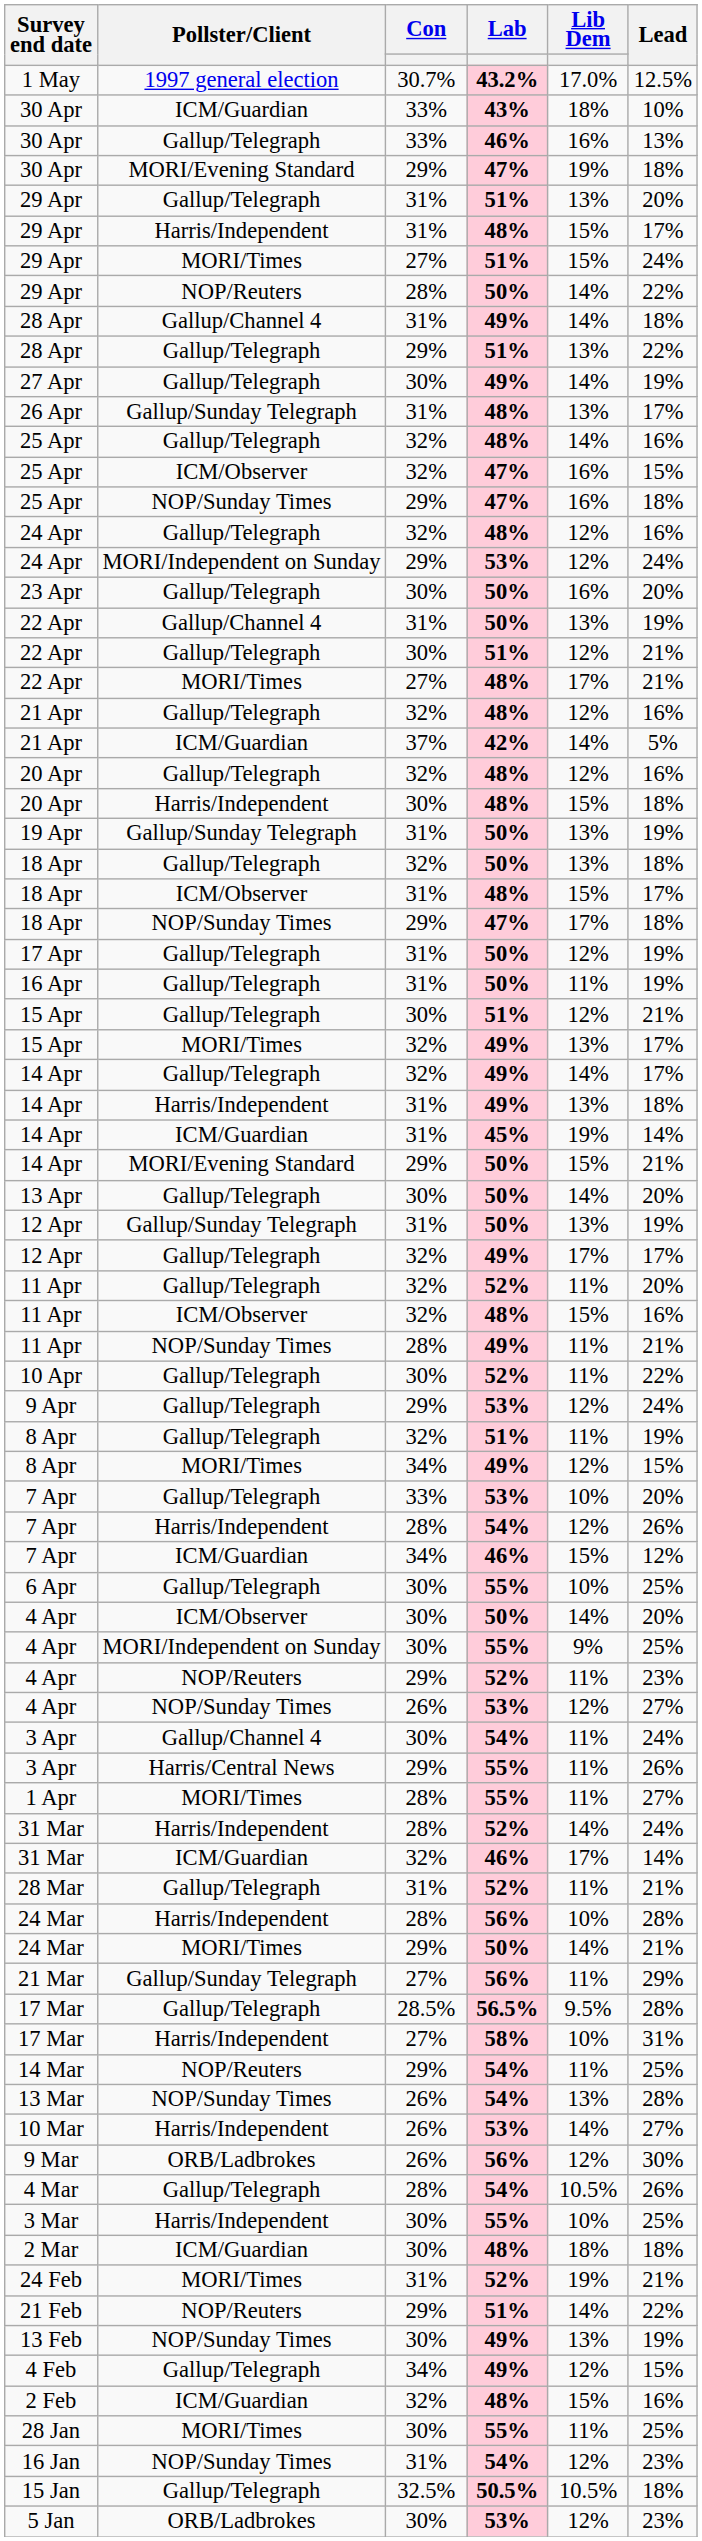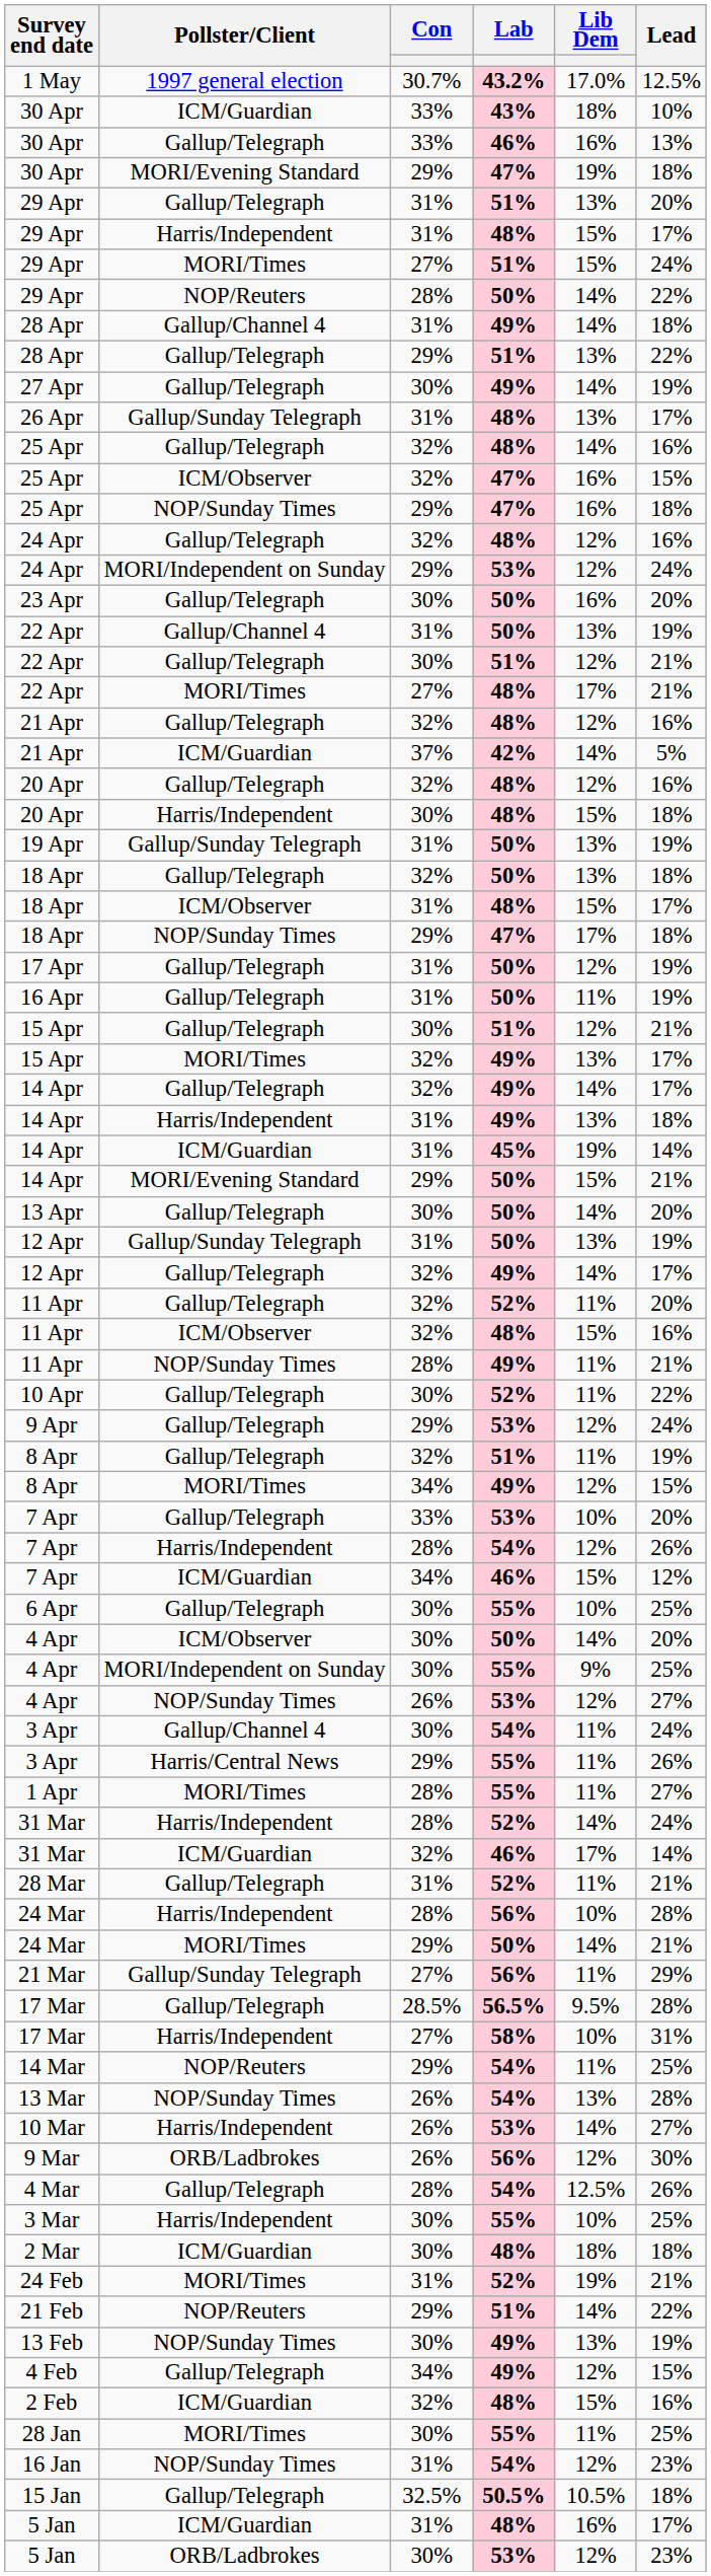 <table class="wikitable sortable mw-datatable" style="text-align:center;line-height:14px;">
 <tr>
 <th rowspan="2">Survey<br>end date</th>
 <th rowspan="2">Pollster/Client</th>
 <th class="unsortable" style="width:50px;"><a href='#'>Con</a></th>
 <th class="unsortable" style="width:50px;"><a href='#'>Lab</a></th>
 <th class="unsortable" style="width:50px;"><a href='#'>Lib Dem</a></th>
 <th rowspan="2">Lead</th>
 </tr>
 <tr>
 <th style="background:"></th>
 <th style="background:"></th>
 <th style="background:"></th>
 </tr>
 <tr>
 <td>1 May</td>
 <td><a href='#'>1997 general election</a></td>
 <td>30.7%</td>
 <td style="background:#FFCCDA;"><strong>43.2%</strong></td>
 <td>17.0%</td>
 <td style="background:">12.5%</td>
 </tr>
 <tr>
 <td>30 Apr</td>
 <td>ICM/Guardian</td>
 <td>33%</td>
 <td style="background:#FFCCDA;"><strong>43%</strong></td>
 <td>18%</td>
 <td style="background:">10%</td>
 </tr>
 <tr>
 <td>30 Apr</td>
 <td>Gallup/Telegraph</td>
 <td>33%</td>
 <td style="background:#FFCCDA;"><strong>46%</strong></td>
 <td>16%</td>
 <td style="background:">13%</td>
 </tr>
 <tr>
 <td>30 Apr</td>
 <td>MORI/Evening Standard</td>
 <td>29%</td>
 <td style="background:#FFCCDA;"><strong>47%</strong></td>
 <td>19%</td>
 <td style="background:">18%</td>
 </tr>
 <tr>
 <td>29 Apr</td>
 <td>Gallup/Telegraph</td>
 <td>31%</td>
 <td style="background:#FFCCDA;"><strong>51%</strong></td>
 <td>13%</td>
 <td style="background:">20%</td>
 </tr>
 <tr>
 <td>29 Apr</td>
 <td>Harris/Independent</td>
 <td>31%</td>
 <td style="background:#FFCCDA;"><strong>48%</strong></td>
 <td>15%</td>
 <td style="background:">17%</td>
 </tr>
 <tr>
 <td>29 Apr</td>
 <td>MORI/Times</td>
 <td>27%</td>
 <td style="background:#FFCCDA;"><strong>51%</strong></td>
 <td>15%</td>
 <td style="background:">24%</td>
 </tr>
 <tr>
 <td>29 Apr</td>
 <td>NOP/Reuters</td>
 <td>28%</td>
 <td style="background:#FFCCDA;"><strong>50%</strong></td>
 <td>14%</td>
 <td style="background:">22%</td>
 </tr>
 <tr>
 <td>28 Apr</td>
 <td>Gallup/Channel 4</td>
 <td>31%</td>
 <td style="background:#FFCCDA;"><strong>49%</strong></td>
 <td>14%</td>
 <td style="background:">18%</td>
 </tr>
 <tr>
 <td>28 Apr</td>
 <td>Gallup/Telegraph</td>
 <td>29%</td>
 <td style="background:#FFCCDA;"><strong>51%</strong></td>
 <td>13%</td>
 <td style="background:">22%</td>
 </tr>
 <tr>
 <td>27 Apr</td>
 <td>Gallup/Telegraph</td>
 <td>30%</td>
 <td style="background:#FFCCDA;"><strong>49%</strong></td>
 <td>14%</td>
 <td style="background:">19%</td>
 </tr>
 <tr>
 <td>26 Apr</td>
 <td>Gallup/Sunday Telegraph</td>
 <td>31%</td>
 <td style="background:#FFCCDA;"><strong>48%</strong></td>
 <td>13%</td>
 <td style="background:">17%</td>
 </tr>
 <tr>
 <td>25 Apr</td>
 <td>Gallup/Telegraph</td>
 <td>32%</td>
 <td style="background:#FFCCDA;"><strong>48%</strong></td>
 <td>14%</td>
 <td style="background:">16%</td>
 </tr>
 <tr>
 <td>25 Apr</td>
 <td>ICM/Observer</td>
 <td>32%</td>
 <td style="background:#FFCCDA;"><strong>47%</strong></td>
 <td>16%</td>
 <td style="background:">15%</td>
 </tr>
 <tr>
 <td>25 Apr</td>
 <td>NOP/Sunday Times</td>
 <td>29%</td>
 <td style="background:#FFCCDA;"><strong>47%</strong></td>
 <td>16%</td>
 <td style="background:">18%</td>
 </tr>
 <tr>
 <td>24 Apr</td>
 <td>Gallup/Telegraph</td>
 <td>32%</td>
 <td style="background:#FFCCDA;"><strong>48%</strong></td>
 <td>12%</td>
 <td style="background:">16%</td>
 </tr>
 <tr>
 <td>24 Apr</td>
 <td>MORI/Independent on Sunday</td>
 <td>29%</td>
 <td style="background:#FFCCDA;"><strong>53%</strong></td>
 <td>12%</td>
 <td style="background:">24%</td>
 </tr>
 <tr>
 <td>23 Apr</td>
 <td>Gallup/Telegraph</td>
 <td>30%</td>
 <td style="background:#FFCCDA;"><strong>50%</strong></td>
 <td>16%</td>
 <td style="background:">20%</td>
 </tr>
 <tr>
 <td>22 Apr</td>
 <td>Gallup/Channel 4</td>
 <td>31%</td>
 <td style="background:#FFCCDA;"><strong>50%</strong></td>
 <td>13%</td>
 <td style="background:">19%</td>
 </tr>
 <tr>
 <td>22 Apr</td>
 <td>Gallup/Telegraph</td>
 <td>30%</td>
 <td style="background:#FFCCDA;"><strong>51%</strong></td>
 <td>12%</td>
 <td style="background:">21%</td>
 </tr>
 <tr>
 <td>22 Apr</td>
 <td>MORI/Times</td>
 <td>27%</td>
 <td style="background:#FFCCDA;"><strong>48%</strong></td>
 <td>17%</td>
 <td style="background:">21%</td>
 </tr>
 <tr>
 <td>21 Apr</td>
 <td>Gallup/Telegraph</td>
 <td>32%</td>
 <td style="background:#FFCCDA;"><strong>48%</strong></td>
 <td>12%</td>
 <td style="background:">16%</td>
 </tr>
 <tr>
 <td>21 Apr</td>
 <td>ICM/Guardian</td>
 <td>37%</td>
 <td style="background:#FFCCDA;"><strong>42%</strong></td>
 <td>14%</td>
 <td style="background:">5%</td>
 </tr>
 <tr>
 <td>20 Apr</td>
 <td>Gallup/Telegraph</td>
 <td>32%</td>
 <td style="background:#FFCCDA;"><strong>48%</strong></td>
 <td>12%</td>
 <td style="background:">16%</td>
 </tr>
 <tr>
 <td>20 Apr</td>
 <td>Harris/Independent</td>
 <td>30%</td>
 <td style="background:#FFCCDA;"><strong>48%</strong></td>
 <td>15%</td>
 <td style="background:">18%</td>
 </tr>
 <tr>
 <td>19 Apr</td>
 <td>Gallup/Sunday Telegraph</td>
 <td>31%</td>
 <td style="background:#FFCCDA;"><strong>50%</strong></td>
 <td>13%</td>
 <td style="background:">19%</td>
 </tr>
 <tr>
 <td>18 Apr</td>
 <td>Gallup/Telegraph</td>
 <td>32%</td>
 <td style="background:#FFCCDA;"><strong>50%</strong></td>
 <td>13%</td>
 <td style="background:">18%</td>
 </tr>
 <tr>
 <td>18 Apr</td>
 <td>ICM/Observer</td>
 <td>31%</td>
 <td style="background:#FFCCDA;"><strong>48%</strong></td>
 <td>15%</td>
 <td style="background:">17%</td>
 </tr>
 <tr>
 <td>18 Apr</td>
 <td>NOP/Sunday Times</td>
 <td>29%</td>
 <td style="background:#FFCCDA;"><strong>47%</strong></td>
 <td>17%</td>
 <td style="background:">18%</td>
 </tr>
 <tr>
 <td>17 Apr</td>
 <td>Gallup/Telegraph</td>
 <td>31%</td>
 <td style="background:#FFCCDA;"><strong>50%</strong></td>
 <td>12%</td>
 <td style="background:">19%</td>
 </tr>
 <tr>
 <td>16 Apr</td>
 <td>Gallup/Telegraph</td>
 <td>31%</td>
 <td style="background:#FFCCDA;"><strong>50%</strong></td>
 <td>11%</td>
 <td style="background:">19%</td>
 </tr>
 <tr>
 <td>15 Apr</td>
 <td>Gallup/Telegraph</td>
 <td>30%</td>
 <td style="background:#FFCCDA;"><strong>51%</strong></td>
 <td>12%</td>
 <td style="background:">21%</td>
 </tr>
 <tr>
 <td>15 Apr</td>
 <td>MORI/Times</td>
 <td>32%</td>
 <td style="background:#FFCCDA;"><strong>49%</strong></td>
 <td>13%</td>
 <td style="background:">17%</td>
 </tr>
 <tr>
 <td>14 Apr</td>
 <td>Gallup/Telegraph</td>
 <td>32%</td>
 <td style="background:#FFCCDA;"><strong>49%</strong></td>
 <td>14%</td>
 <td style="background:">17%</td>
 </tr>
 <tr>
 <td>14 Apr</td>
 <td>Harris/Independent</td>
 <td>31%</td>
 <td style="background:#FFCCDA;"><strong>49%</strong></td>
 <td>13%</td>
 <td style="background:">18%</td>
 </tr>
 <tr>
 <td>14 Apr</td>
 <td>ICM/Guardian</td>
 <td>31%</td>
 <td style="background:#FFCCDA;"><strong>45%</strong></td>
 <td>19%</td>
 <td style="background:">14%</td>
 </tr>
 <tr>
 <td>14 Apr</td>
 <td>MORI/Evening Standard</td>
 <td>29%</td>
 <td style="background:#FFCCDA;"><strong>50%</strong></td>
 <td>15%</td>
 <td style="background:">21%</td>
 </tr>
 <tr>
 <td>13 Apr</td>
 <td>Gallup/Telegraph</td>
 <td>30%</td>
 <td style="background:#FFCCDA;"><strong>50%</strong></td>
 <td>14%</td>
 <td style="background:">20%</td>
 </tr>
 <tr>
 <td>12 Apr</td>
 <td>Gallup/Sunday Telegraph</td>
 <td>31%</td>
 <td style="background:#FFCCDA;"><strong>50%</strong></td>
 <td>13%</td>
 <td style="background:">19%</td>
 </tr>
 <tr>
 <td>12 Apr</td>
 <td>Gallup/Telegraph</td>
 <td>32%</td>
 <td style="background:#FFCCDA;"><strong>49%</strong></td>
-<td>17%</td>
+<td>14%</td>
 <td style="background:">17%</td>
 </tr>
 <tr>
 <td>11 Apr</td>
 <td>Gallup/Telegraph</td>
 <td>32%</td>
 <td style="background:#FFCCDA;"><strong>52%</strong></td>
 <td>11%</td>
 <td style="background:">20%</td>
 </tr>
 <tr>
 <td>11 Apr</td>
 <td>ICM/Observer</td>
 <td>32%</td>
 <td style="background:#FFCCDA;"><strong>48%</strong></td>
 <td>15%</td>
 <td style="background:">16%</td>
 </tr>
 <tr>
 <td>11 Apr</td>
 <td>NOP/Sunday Times</td>
 <td>28%</td>
 <td style="background:#FFCCDA;"><strong>49%</strong></td>
 <td>11%</td>
 <td style="background:">21%</td>
 </tr>
 <tr>
 <td>10 Apr</td>
 <td>Gallup/Telegraph</td>
 <td>30%</td>
 <td style="background:#FFCCDA;"><strong>52%</strong></td>
 <td>11%</td>
 <td style="background:">22%</td>
 </tr>
 <tr>
 <td>9 Apr</td>
 <td>Gallup/Telegraph</td>
 <td>29%</td>
 <td style="background:#FFCCDA;"><strong>53%</strong></td>
 <td>12%</td>
 <td style="background:">24%</td>
 </tr>
 <tr>
 <td>8 Apr</td>
 <td>Gallup/Telegraph</td>
 <td>32%</td>
 <td style="background:#FFCCDA;"><strong>51%</strong></td>
 <td>11%</td>
 <td style="background:">19%</td>
 </tr>
 <tr>
 <td>8 Apr</td>
 <td>MORI/Times</td>
 <td>34%</td>
 <td style="background:#FFCCDA;"><strong>49%</strong></td>
 <td>12%</td>
 <td style="background:">15%</td>
 </tr>
 <tr>
 <td>7 Apr</td>
 <td>Gallup/Telegraph</td>
 <td>33%</td>
 <td style="background:#FFCCDA;"><strong>53%</strong></td>
 <td>10%</td>
 <td style="background:">20%</td>
 </tr>
 <tr>
 <td>7 Apr</td>
 <td>Harris/Independent</td>
 <td>28%</td>
 <td style="background:#FFCCDA;"><strong>54%</strong></td>
 <td>12%</td>
 <td style="background:">26%</td>
 </tr>
 <tr>
 <td>7 Apr</td>
 <td>ICM/Guardian</td>
 <td>34%</td>
 <td style="background:#FFCCDA;"><strong>46%</strong></td>
 <td>15%</td>
 <td style="background:">12%</td>
 </tr>
 <tr>
 <td>6 Apr</td>
 <td>Gallup/Telegraph</td>
 <td>30%</td>
 <td style="background:#FFCCDA;"><strong>55%</strong></td>
 <td>10%</td>
 <td style="background:">25%</td>
 </tr>
 <tr>
 <td>4 Apr</td>
 <td>ICM/Observer</td>
 <td>30%</td>
 <td style="background:#FFCCDA;"><strong>50%</strong></td>
 <td>14%</td>
 <td style="background:">20%</td>
 </tr>
 <tr>
 <td>4 Apr</td>
 <td>MORI/Independent on Sunday</td>
 <td>30%</td>
 <td style="background:#FFCCDA;"><strong>55%</strong></td>
 <td>9%</td>
 <td style="background:">25%</td>
-</tr>
-<tr>
-<td>4 Apr</td>
-<td>NOP/Reuters</td>
-<td>29%</td>
-<td style="background:#FFCCDA;"><strong>52%</strong></td>
-<td>11%</td>
-<td style="background:">23%</td>
 </tr>
 <tr>
 <td>4 Apr</td>
 <td>NOP/Sunday Times</td>
 <td>26%</td>
 <td style="background:#FFCCDA;"><strong>53%</strong></td>
 <td>12%</td>
 <td style="background:">27%</td>
 </tr>
 <tr>
 <td>3 Apr</td>
 <td>Gallup/Channel 4</td>
 <td>30%</td>
 <td style="background:#FFCCDA;"><strong>54%</strong></td>
 <td>11%</td>
 <td style="background:">24%</td>
 </tr>
 <tr>
 <td>3 Apr</td>
 <td>Harris/Central News</td>
 <td>29%</td>
 <td style="background:#FFCCDA;"><strong>55%</strong></td>
 <td>11%</td>
 <td style="background:">26%</td>
 </tr>
 <tr>
 <td>1 Apr</td>
 <td>MORI/Times</td>
 <td>28%</td>
 <td style="background:#FFCCDA;"><strong>55%</strong></td>
 <td>11%</td>
 <td style="background:">27%</td>
 </tr>
 <tr>
 <td>31 Mar</td>
 <td>Harris/Independent</td>
 <td>28%</td>
 <td style="background:#FFCCDA;"><strong>52%</strong></td>
 <td>14%</td>
 <td style="background:">24%</td>
 </tr>
 <tr>
 <td>31 Mar</td>
 <td>ICM/Guardian</td>
 <td>32%</td>
 <td style="background:#FFCCDA;"><strong>46%</strong></td>
 <td>17%</td>
 <td style="background:">14%</td>
 </tr>
 <tr>
 <td>28 Mar</td>
 <td>Gallup/Telegraph</td>
 <td>31%</td>
 <td style="background:#FFCCDA;"><strong>52%</strong></td>
 <td>11%</td>
 <td style="background:">21%</td>
 </tr>
 <tr>
 <td>24 Mar</td>
 <td>Harris/Independent</td>
 <td>28%</td>
 <td style="background:#FFCCDA;"><strong>56%</strong></td>
 <td>10%</td>
 <td style="background:">28%</td>
 </tr>
 <tr>
 <td>24 Mar</td>
 <td>MORI/Times</td>
 <td>29%</td>
 <td style="background:#FFCCDA;"><strong>50%</strong></td>
 <td>14%</td>
 <td style="background:">21%</td>
 </tr>
 <tr>
 <td>21 Mar</td>
 <td>Gallup/Sunday Telegraph</td>
 <td>27%</td>
 <td style="background:#FFCCDA;"><strong>56%</strong></td>
 <td>11%</td>
 <td style="background:">29%</td>
 </tr>
 <tr>
 <td>17 Mar</td>
 <td>Gallup/Telegraph</td>
 <td>28.5%</td>
 <td style="background:#FFCCDA;"><strong>56.5%</strong></td>
 <td>9.5%</td>
 <td style="background:">28%</td>
 </tr>
 <tr>
 <td>17 Mar</td>
 <td>Harris/Independent</td>
 <td>27%</td>
 <td style="background:#FFCCDA;"><strong>58%</strong></td>
 <td>10%</td>
 <td style="background:">31%</td>
 </tr>
 <tr>
 <td>14 Mar</td>
 <td>NOP/Reuters</td>
 <td>29%</td>
 <td style="background:#FFCCDA;"><strong>54%</strong></td>
 <td>11%</td>
 <td style="background:">25%</td>
 </tr>
 <tr>
 <td>13 Mar</td>
 <td>NOP/Sunday Times</td>
 <td>26%</td>
 <td style="background:#FFCCDA;"><strong>54%</strong></td>
 <td>13%</td>
 <td style="background:">28%</td>
 </tr>
 <tr>
 <td>10 Mar</td>
 <td>Harris/Independent</td>
 <td>26%</td>
 <td style="background:#FFCCDA;"><strong>53%</strong></td>
 <td>14%</td>
 <td style="background:">27%</td>
 </tr>
 <tr>
 <td>9 Mar</td>
 <td>ORB/Ladbrokes</td>
 <td>26%</td>
 <td style="background:#FFCCDA;"><strong>56%</strong></td>
 <td>12%</td>
 <td style="background:">30%</td>
 </tr>
 <tr>
 <td>4 Mar</td>
 <td>Gallup/Telegraph</td>
 <td>28%</td>
 <td style="background:#FFCCDA;"><strong>54%</strong></td>
-<td>10.5%</td>
+<td>12.5%</td>
 <td style="background:">26%</td>
 </tr>
 <tr>
 <td>3 Mar</td>
 <td>Harris/Independent</td>
 <td>30%</td>
 <td style="background:#FFCCDA;"><strong>55%</strong></td>
 <td>10%</td>
 <td style="background:">25%</td>
 </tr>
 <tr>
 <td>2 Mar</td>
 <td>ICM/Guardian</td>
 <td>30%</td>
 <td style="background:#FFCCDA;"><strong>48%</strong></td>
 <td>18%</td>
 <td style="background:">18%</td>
 </tr>
 <tr>
 <td>24 Feb</td>
 <td>MORI/Times</td>
 <td>31%</td>
 <td style="background:#FFCCDA;"><strong>52%</strong></td>
 <td>19%</td>
 <td style="background:">21%</td>
 </tr>
 <tr>
 <td>21 Feb</td>
 <td>NOP/Reuters</td>
 <td>29%</td>
 <td style="background:#FFCCDA;"><strong>51%</strong></td>
 <td>14%</td>
 <td style="background:">22%</td>
 </tr>
 <tr>
 <td>13 Feb</td>
 <td>NOP/Sunday Times</td>
 <td>30%</td>
 <td style="background:#FFCCDA;"><strong>49%</strong></td>
 <td>13%</td>
 <td style="background:">19%</td>
 </tr>
 <tr>
 <td>4 Feb</td>
 <td>Gallup/Telegraph</td>
 <td>34%</td>
 <td style="background:#FFCCDA;"><strong>49%</strong></td>
 <td>12%</td>
 <td style="background:">15%</td>
 </tr>
 <tr>
 <td>2 Feb</td>
 <td>ICM/Guardian</td>
 <td>32%</td>
 <td style="background:#FFCCDA;"><strong>48%</strong></td>
 <td>15%</td>
 <td style="background:">16%</td>
 </tr>
 <tr>
 <td>28 Jan</td>
 <td>MORI/Times</td>
 <td>30%</td>
 <td style="background:#FFCCDA;"><strong>55%</strong></td>
 <td>11%</td>
 <td style="background:">25%</td>
 </tr>
 <tr>
 <td>16 Jan</td>
 <td>NOP/Sunday Times</td>
 <td>31%</td>
 <td style="background:#FFCCDA;"><strong>54%</strong></td>
 <td>12%</td>
 <td style="background:">23%</td>
 </tr>
 <tr>
 <td>15 Jan</td>
 <td>Gallup/Telegraph</td>
 <td>32.5%</td>
 <td style="background:#FFCCDA;"><strong>50.5%</strong></td>
 <td>10.5%</td>
 <td style="background:">18%</td>
 </tr>
 <tr>
 <td>5 Jan</td>
+<td>ICM/Guardian</td>
+<td>31%</td>
+<td style="background:#FFCCDA;"><strong>48%</strong></td>
+<td>16%</td>
+<td style="background:">17%</td>
+</tr>
+<tr>
+<td>5 Jan</td>
 <td>ORB/Ladbrokes</td>
 <td>30%</td>
 <td style="background:#FFCCDA;"><strong>53%</strong></td>
 <td>12%</td>
 <td style="background:">23%</td>
 </tr>
 </table>
